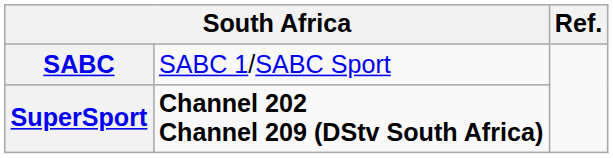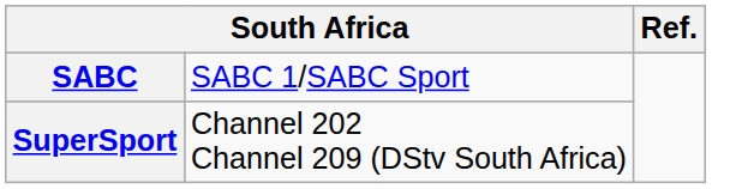 <table class="wikitable">
 <tr>
 <th colspan=2>South Africa</th>
 <th>Ref.</th>
 </tr>
 <tr>
 <th><a href='#'>SABC</a></th>
 <td><a href='#'>SABC 1</a>/<a href='#'>SABC Sport</a></td>
 <td rowspan="2"></td>
 </tr>
 <tr>
 <th><a href='#'>SuperSport</a></th>
-<td><strong>Channel 202<br>Channel 209 (DStv South Africa)</strong></td>
+<td>Channel 202<br>Channel 209 (DStv South Africa)</td>
 </tr>
 </table>
